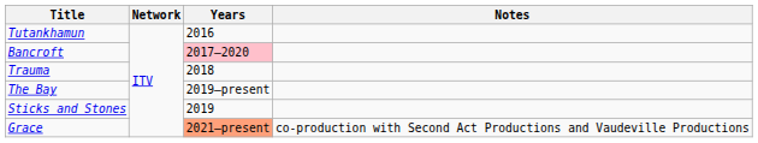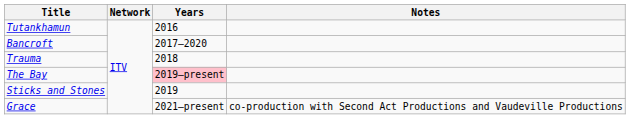 <table class="wikitable sortable">
 <tr>
 <th>Title</th>
 <th>Network</th>
 <th>Years</th>
 <th>Notes</th>
 </tr>
 <tr>
 <td><em><a href='#'>Tutankhamun</a></em></td>
 <td rowspan="6"><a href='#'>ITV</a></td>
 <td>2016</td>
 <td></td>
 </tr>
 <tr>
 <td><em><a href='#'>Bancroft</a></em></td>
-<td style="background: pink;">2017–2020</td>
+<td>2017–2020</td>
 <td></td>
 </tr>
 <tr>
 <td><em><a href='#'>Trauma</a></em></td>
 <td>2018</td>
 <td></td>
 </tr>
 <tr>
 <td><em><a href='#'>The Bay</a></em></td>
-<td>2019–present</td>
+<td style="background: pink;">2019–present</td>
 <td></td>
 </tr>
 <tr>
 <td><em><a href='#'>Sticks and Stones</a></em></td>
 <td>2019</td>
 <td></td>
 </tr>
 <tr>
 <td><em><a href='#'>Grace</a></em></td>
-<td style="background: lightsalmon;">2021–present</td>
+<td>2021–present</td>
 <td>co-production with Second Act Productions and Vaudeville Productions</td>
 </tr>
 </table>
